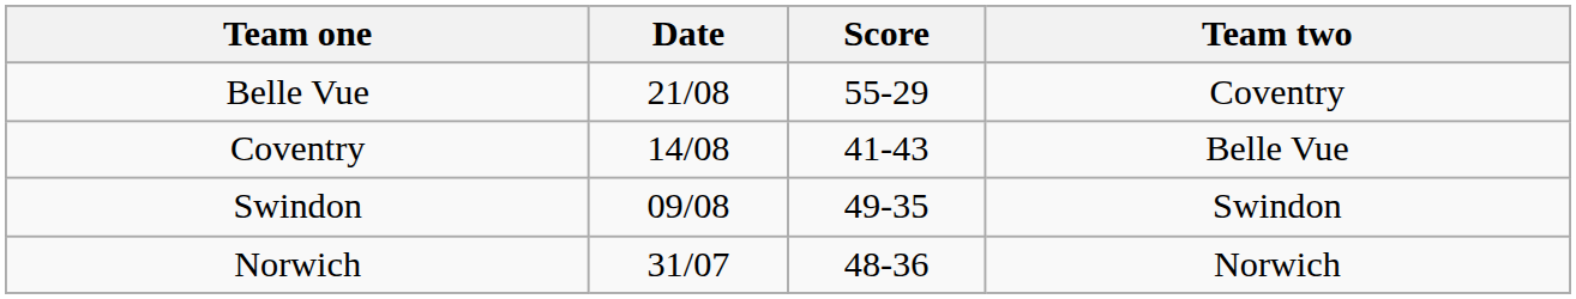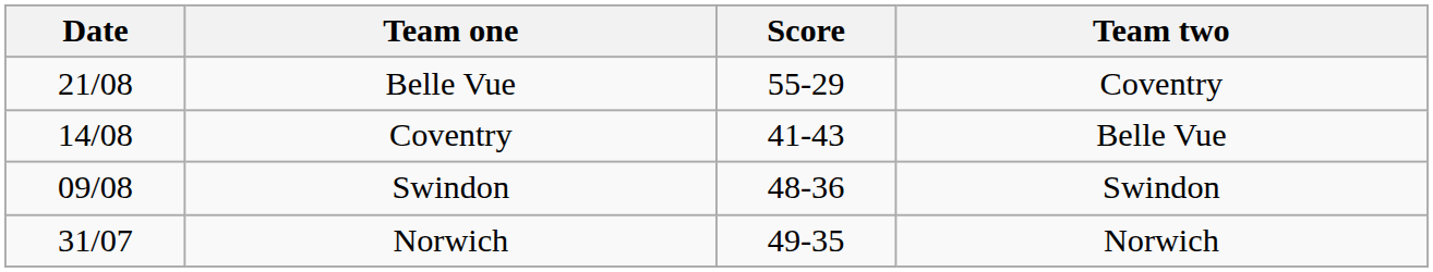 <table class="wikitable" style="text-align: center">
 <tr>
+<th width=80>Date</th>
 <th width=250>Team one</th>
-<th width=80>Date</th>
 <th width=80>Score</th>
 <th width=250>Team two</th>
 </tr>
 <tr>
+<td>21/08</td>
 <td>Belle Vue</td>
-<td>21/08</td>
 <td>55-29</td>
 <td>Coventry</td>
 </tr>
 <tr>
+<td>14/08</td>
 <td>Coventry</td>
-<td>14/08</td>
 <td>41-43</td>
 <td>Belle Vue</td>
 </tr>
 <tr>
+<td>09/08</td>
 <td>Swindon</td>
-<td>09/08</td>
-<td>49-35</td>
+<td>48-36</td>
 <td>Swindon</td>
 </tr>
 <tr>
+<td>31/07</td>
 <td>Norwich</td>
-<td>31/07</td>
-<td>48-36</td>
+<td>49-35</td>
 <td>Norwich</td>
 </tr>
 </table>
